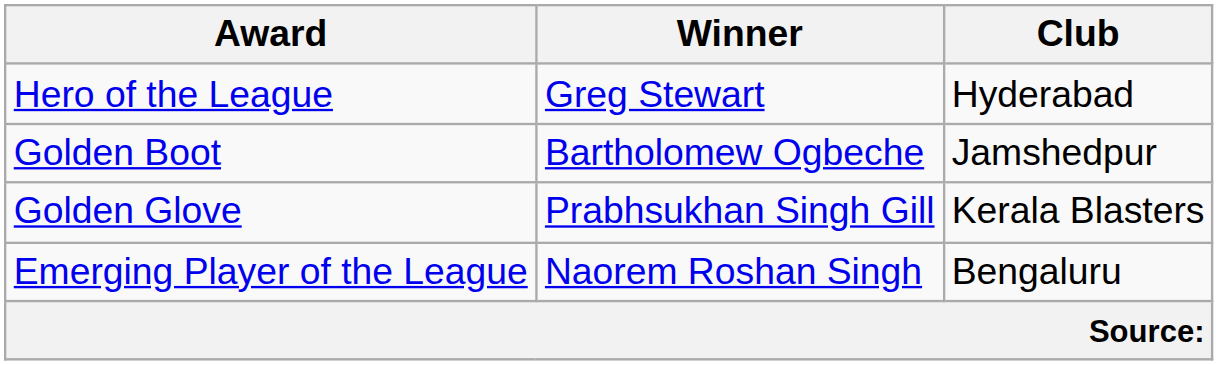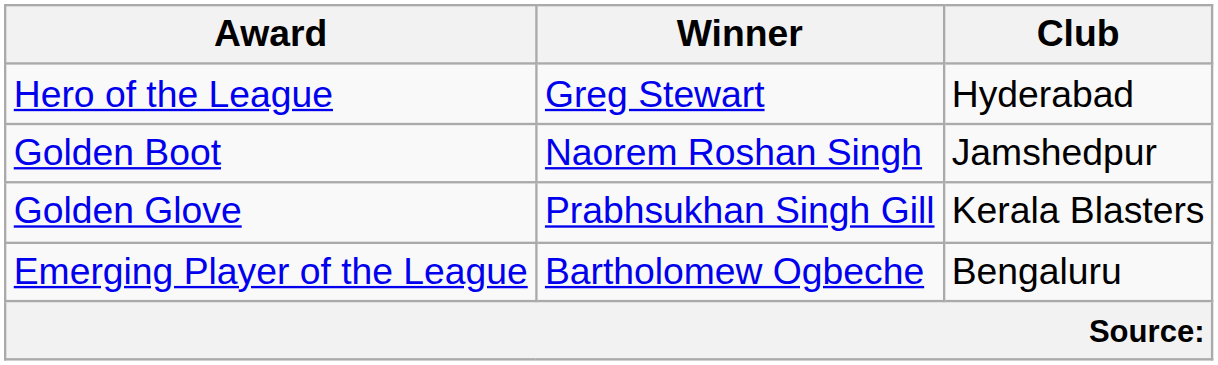 <table class="wikitable">
 <tr>
 <th>Award</th>
 <th>Winner</th>
 <th>Club</th>
 </tr>
 <tr>
 <td><a href='#'>Hero of the League</a></td>
 <td> <a href='#'>Greg Stewart</a></td>
 <td>Hyderabad</td>
 </tr>
 <tr>
 <td><a href='#'>Golden Boot</a></td>
-<td> <a href='#'>Bartholomew Ogbeche</a></td>
+<td> <a href='#'>Naorem Roshan Singh</a></td>
 <td>Jamshedpur</td>
 </tr>
 <tr>
 <td><a href='#'>Golden Glove</a></td>
 <td> <a href='#'>Prabhsukhan Singh Gill</a></td>
 <td>Kerala Blasters</td>
 </tr>
 <tr>
 <td><a href='#'>Emerging Player of the League</a></td>
-<td> <a href='#'>Naorem Roshan Singh</a></td>
+<td> <a href='#'>Bartholomew Ogbeche</a></td>
 <td>Bengaluru</td>
 </tr>
 <tr>
 <th colspan="4" style="text-align:right;"><small>Source:</small></th>
 </tr>
 </table>
